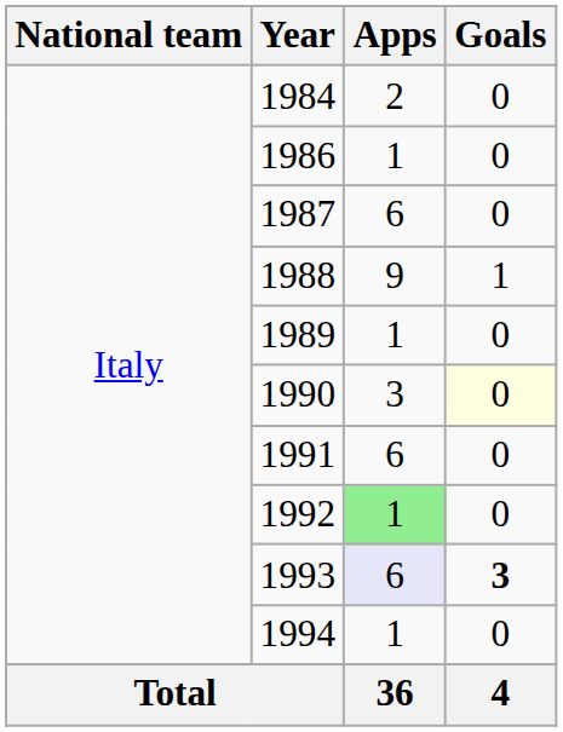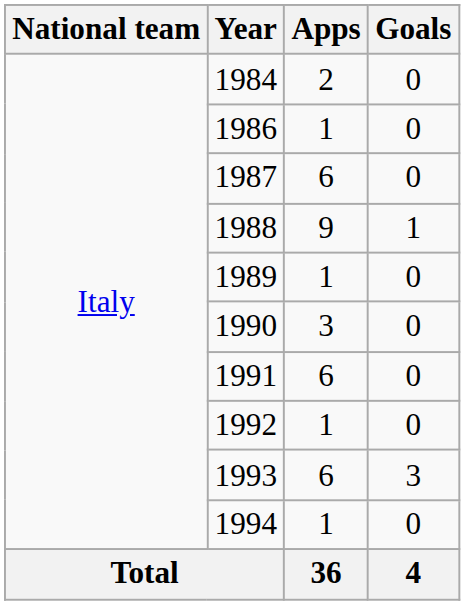 <table class="wikitable" style="text-align:center">
 <tr>
 <th>National team</th>
 <th>Year</th>
 <th>Apps</th>
 <th>Goals</th>
 </tr>
 <tr>
 <td rowspan="10"><a href='#'>Italy</a></td>
 <td>1984</td>
 <td>2</td>
 <td>0</td>
 </tr>
 <tr>
 <td>1986</td>
 <td>1</td>
 <td>0</td>
 </tr>
 <tr>
 <td>1987</td>
 <td>6</td>
 <td>0</td>
 </tr>
 <tr>
 <td>1988</td>
 <td>9</td>
 <td>1</td>
 </tr>
 <tr>
 <td>1989</td>
 <td>1</td>
 <td>0</td>
 </tr>
 <tr>
 <td>1990</td>
 <td>3</td>
-<td style="background: lightyellow;">0</td>
+<td>0</td>
 </tr>
 <tr>
 <td>1991</td>
 <td>6</td>
 <td>0</td>
 </tr>
 <tr>
 <td>1992</td>
-<td style="background: lightgreen;">1</td>
+<td>1</td>
 <td>0</td>
 </tr>
 <tr>
 <td>1993</td>
-<td style="background: lavender;">6</td>
-<td><strong>3</strong></td>
+<td>6</td>
+<td>3</td>
 </tr>
 <tr>
 <td>1994</td>
 <td>1</td>
 <td>0</td>
 </tr>
 <tr>
 <th colspan="2">Total</th>
 <th>36</th>
 <th>4</th>
 </tr>
 </table>
